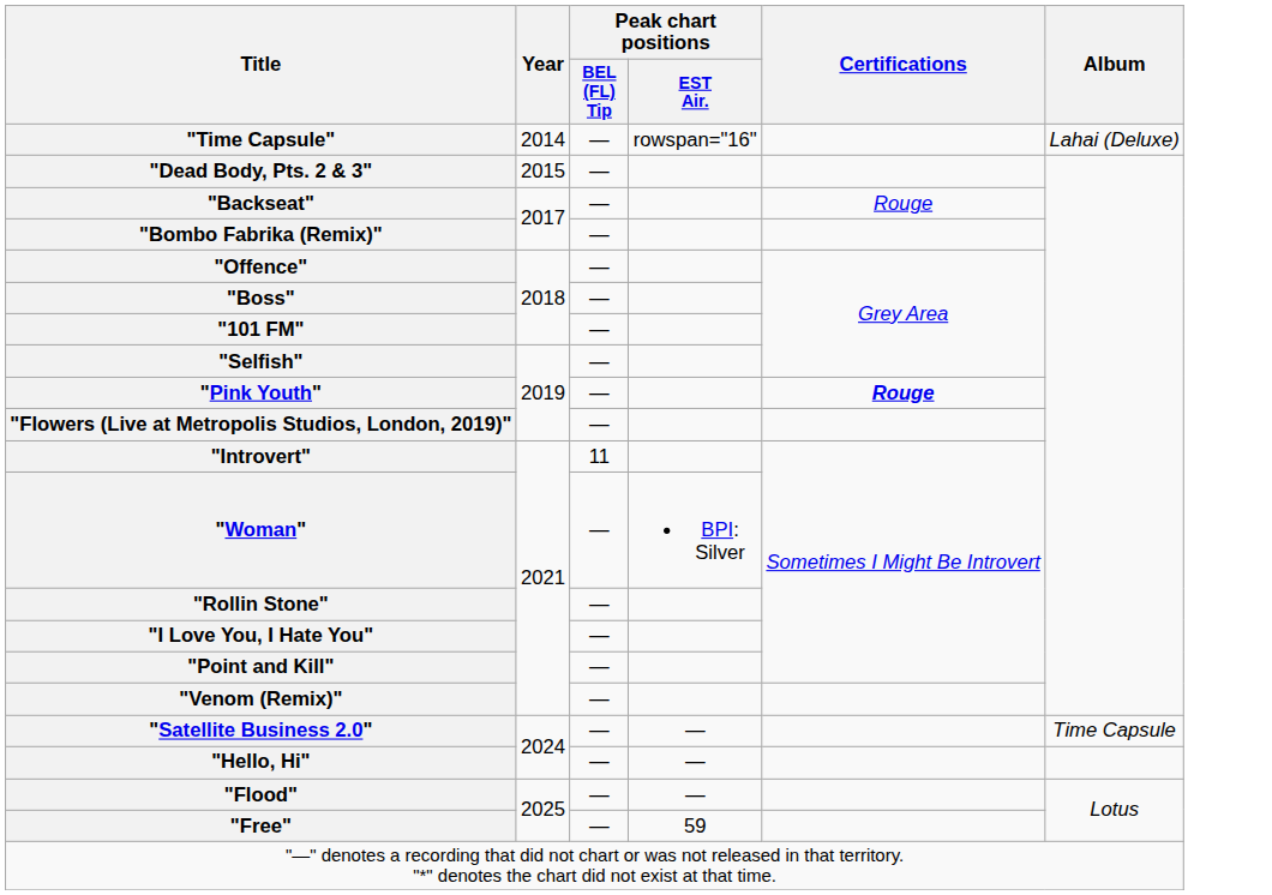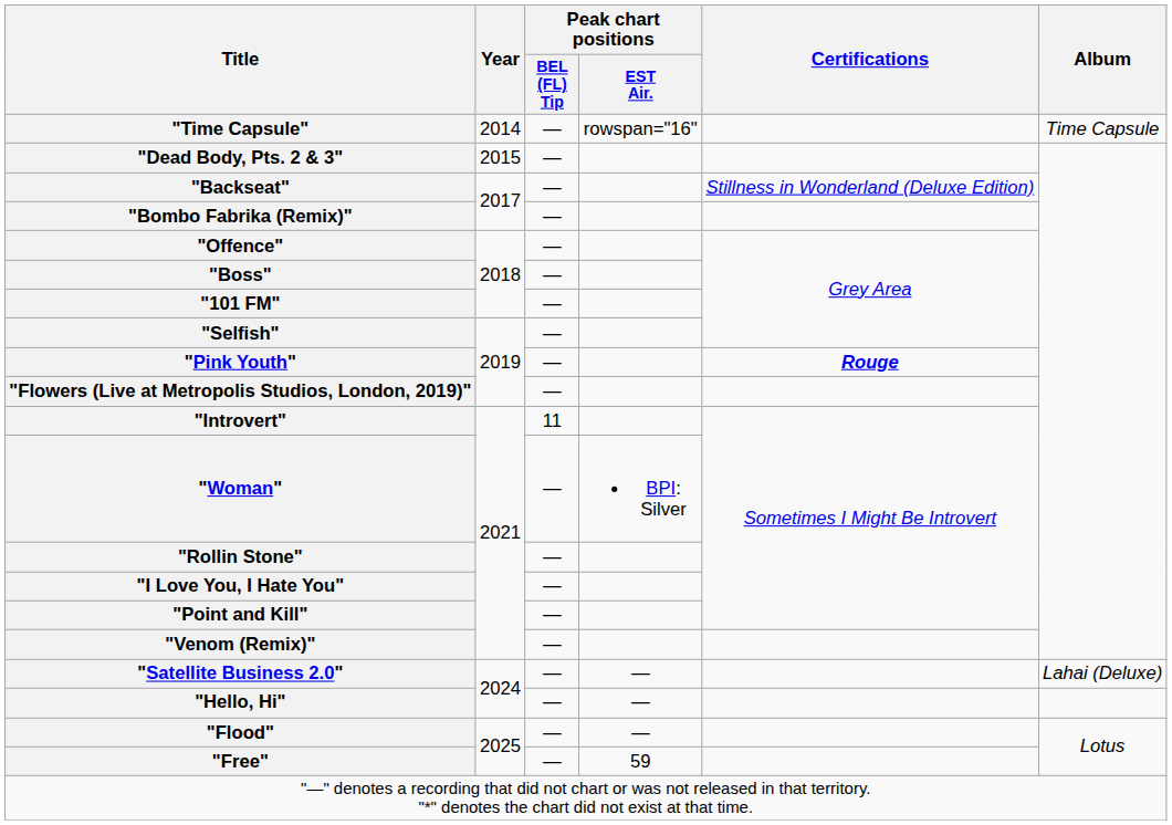 <table class="wikitable plainrowheaders" style="text-align:center;">
 <tr>
 <th scope="col" rowspan="2">Title</th>
 <th scope="col" rowspan="2">Year</th>
 <th scope="col" colspan="2">Peak chart positions</th>
 <th scope="col" rowspan="2"><a href='#'>Certifications</a></th>
 <th scope="col" rowspan="2">Album</th>
 </tr>
 <tr>
 <th scope="col" style="width:3em;font-size:85%;"><a href='#'>BEL<br>(FL)<br>Tip</a><br></th>
 <th scope="col" style="width:3em;font-size:85%;"><a href='#'>EST<br>Air.</a><br></th>
 </tr>
 <tr>
 <th scope="row">"Time Capsule"<br></th>
 <td>2014</td>
 <td>—</td>
 <td>rowspan="16" </td>
 <td></td>
-<td><em>Lahai (Deluxe)</em></td>
+<td><em>Time Capsule</em></td>
 </tr>
 <tr>
 <th scope="row">"Dead Body, Pts. 2 & 3"<br></th>
 <td>2015</td>
 <td>—</td>
 <td></td>
 <td></td>
 </tr>
 <tr>
 <th scope="row">"Backseat"</th>
 <td rowspan="2">2017</td>
 <td>—</td>
 <td></td>
-<td><em><a href='#'>Rouge</a></em></td>
+<td><em><a href='#'>Stillness in Wonderland (Deluxe Edition)</a></em></td>
 </tr>
 <tr>
 <th scope="row">"Bombo Fabrika (Remix)"<br></th>
 <td>—</td>
 <td></td>
 <td></td>
 </tr>
 <tr>
 <th scope="row">"Offence"</th>
 <td rowspan="3">2018</td>
 <td>—</td>
 <td></td>
 <td rowspan="4"><em><a href='#'>Grey Area</a></em></td>
 </tr>
 <tr>
 <th scope="row">"Boss"</th>
 <td>—</td>
 <td></td>
 </tr>
 <tr>
 <th scope="row">"101 FM"</th>
 <td>—</td>
 <td></td>
 </tr>
 <tr>
 <th scope="row">"Selfish"<br></th>
 <td rowspan="3">2019</td>
 <td>—</td>
 <td></td>
 </tr>
 <tr>
 <th scope="row">"<a href='#'>Pink Youth</a>"<br></th>
 <td>—</td>
 <td></td>
 <td><strong><em><a href='#'>Rouge</a></em></strong></td>
 </tr>
 <tr>
 <th scope="row">"Flowers (Live at Metropolis Studios, London, 2019)"<br></th>
 <td>—</td>
 <td></td>
 <td></td>
 </tr>
 <tr>
 <th scope="row">"Introvert"</th>
 <td rowspan="6">2021</td>
 <td>11</td>
 <td></td>
 <td rowspan="5"><em><a href='#'>Sometimes I Might Be Introvert</a></em></td>
 </tr>
 <tr>
 <th scope="row">"<a href='#'>Woman</a>"<br></th>
 <td>—</td>
 <td><br><ul><li><a href='#'>BPI</a>: Silver</li></ul></td>
 </tr>
 <tr>
 <th scope="row">"Rollin Stone"</th>
 <td>—</td>
 <td></td>
 </tr>
 <tr>
 <th scope="row">"I Love You, I Hate You"</th>
 <td>—</td>
 <td></td>
 </tr>
 <tr>
 <th scope="row">"Point and Kill"<br></th>
 <td>—</td>
 <td></td>
 </tr>
 <tr>
 <th scope="row">"Venom (Remix)"<br></th>
 <td>—</td>
 <td></td>
 <td></td>
 </tr>
 <tr>
 <th scope="row">"<a href='#'>Satellite Business 2.0</a>"<br></th>
 <td rowspan="2">2024</td>
 <td>—</td>
 <td>—</td>
 <td></td>
-<td><em>Time Capsule</em></td>
+<td><em>Lahai (Deluxe)</em></td>
 </tr>
 <tr>
 <th scope="row">"Hello, Hi"</th>
 <td>—</td>
 <td>—</td>
 <td></td>
 <td></td>
 </tr>
 <tr>
 <th scope="row">"Flood"<br></th>
 <td rowspan="2">2025</td>
 <td>—</td>
 <td>—</td>
 <td></td>
 <td rowspan="2"><em>Lotus</em></td>
 </tr>
 <tr>
 <th scope="row">"Free"</th>
 <td>—</td>
 <td>59</td>
 <td></td>
 </tr>
 <tr>
 <td colspan="15" style="font-size:90%">"—" denotes a recording that did not chart or was not released in that territory.<br>"*" denotes the chart did not exist at that time.</td>
 </tr>
 </table>
